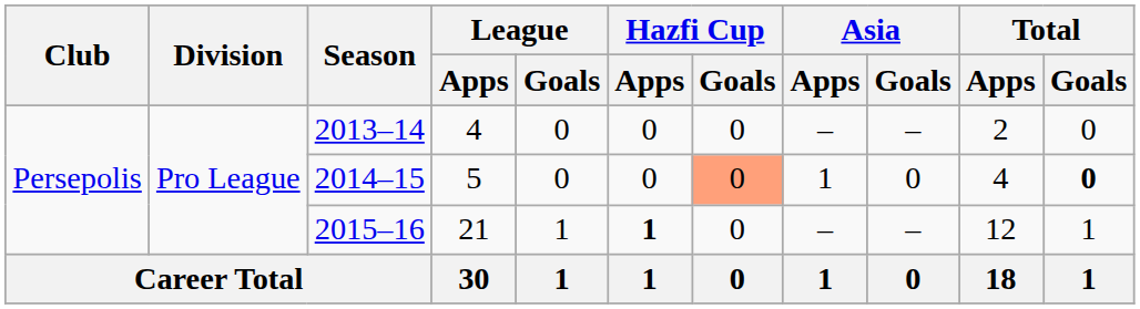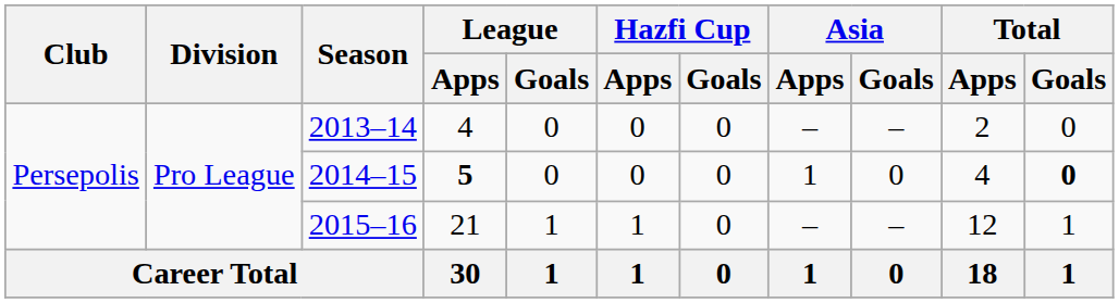 <table class="wikitable" style="text-align: center;">
 <tr>
 <th rowspan="2">Club</th>
 <th rowspan="2">Division</th>
 <th rowspan="2">Season</th>
 <th colspan="2">League</th>
 <th colspan="2"><a href='#'>Hazfi Cup</a></th>
 <th colspan="2"><a href='#'>Asia</a></th>
 <th colspan="2">Total</th>
 </tr>
 <tr>
 <th>Apps</th>
 <th>Goals</th>
 <th>Apps</th>
 <th>Goals</th>
 <th>Apps</th>
 <th>Goals</th>
 <th>Apps</th>
 <th>Goals</th>
 </tr>
 <tr>
 <td rowspan="3"><a href='#'>Persepolis</a></td>
 <td rowspan="3"><a href='#'>Pro League</a></td>
 <td><a href='#'>2013–14</a></td>
 <td>4</td>
 <td>0</td>
 <td>0</td>
 <td>0</td>
 <td>–</td>
 <td>–</td>
 <td>2</td>
 <td>0</td>
 </tr>
 <tr>
 <td><a href='#'>2014–15</a></td>
-<td>5</td>
+<td><strong>5</strong></td>
 <td>0</td>
 <td>0</td>
-<td style="background: lightsalmon;">0</td>
+<td>0</td>
 <td>1</td>
 <td>0</td>
 <td>4</td>
 <td><strong>0</strong></td>
 </tr>
 <tr>
 <td><a href='#'>2015–16</a></td>
 <td>21</td>
 <td>1</td>
-<td><strong>1</strong></td>
+<td>1</td>
 <td>0</td>
 <td>–</td>
 <td>–</td>
 <td>12</td>
 <td>1</td>
 </tr>
 <tr>
 <th colspan=3>Career Total</th>
 <th>30</th>
 <th>1</th>
 <th>1</th>
 <th>0</th>
 <th>1</th>
 <th>0</th>
 <th>18</th>
 <th>1</th>
 </tr>
 </table>
